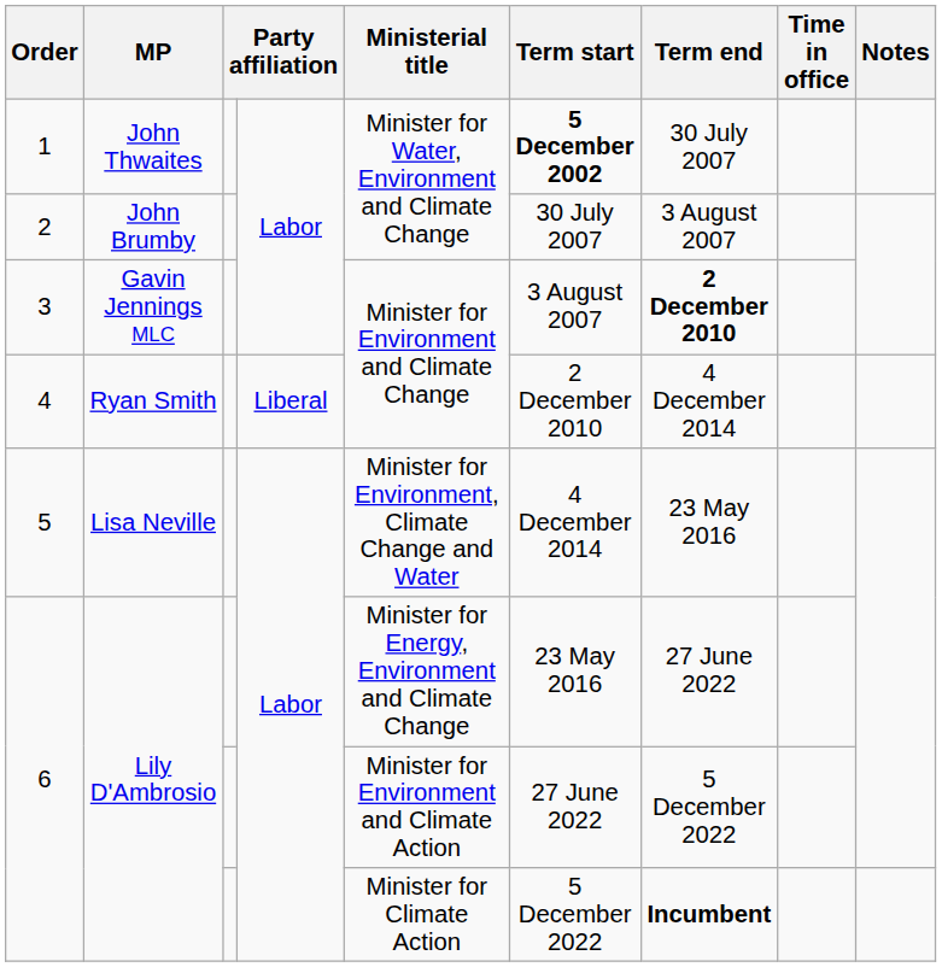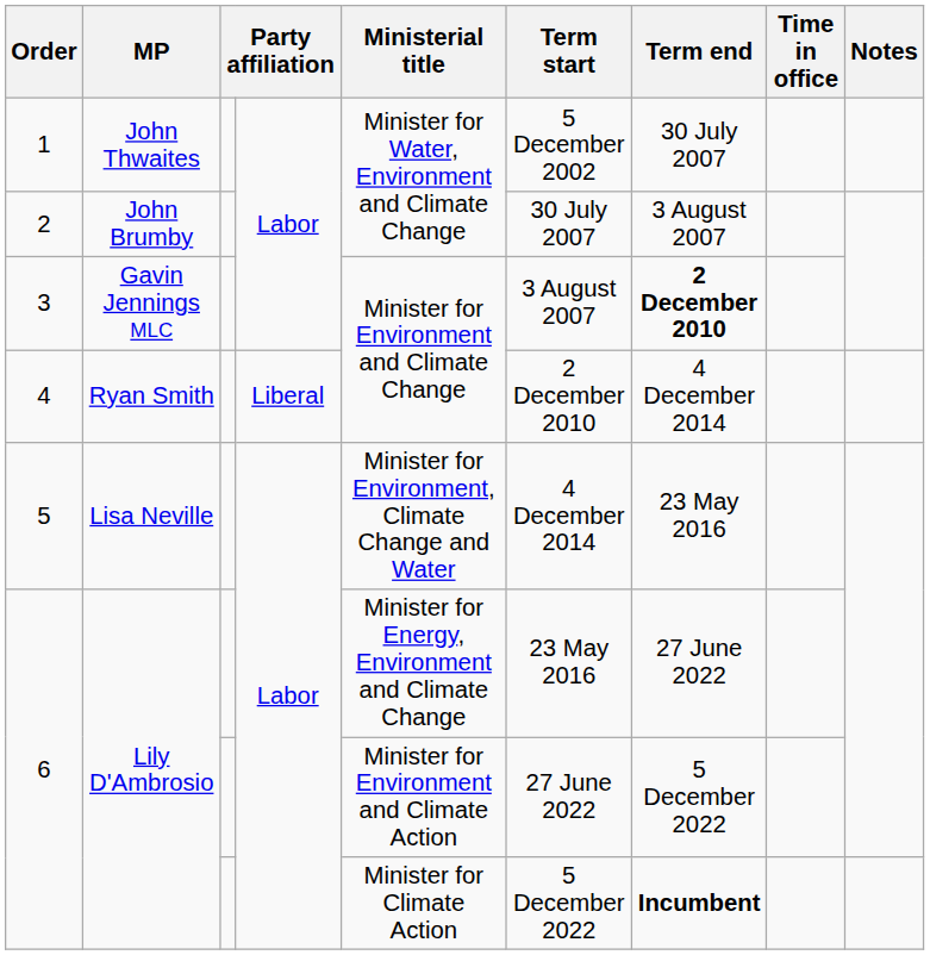 <table class="wikitable" style="text-align:center">
 <tr>
 <th>Order</th>
 <th>MP</th>
 <th colspan="2">Party affiliation</th>
 <th>Ministerial title</th>
 <th>Term start</th>
 <th>Term end</th>
 <th>Time in office</th>
 <th>Notes</th>
 </tr>
 <tr>
 <td>1</td>
 <td><a href='#'>John Thwaites</a> </td>
 <td></td>
 <td rowspan="3"><a href='#'>Labor</a></td>
 <td rowspan="2">Minister for <a href='#'>Water</a>, <a href='#'>Environment</a> and Climate Change</td>
-<td><strong>5 December 2002</strong></td>
+<td>5 December 2002</td>
 <td>30 July 2007</td>
 <td></td>
 <td></td>
 </tr>
 <tr>
 <td>2</td>
 <td><a href='#'>John Brumby</a> </td>
 <td></td>
 <td>30 July 2007</td>
 <td>3 August 2007</td>
 <td></td>
 <td rowspan="2"></td>
 </tr>
 <tr>
 <td>3</td>
 <td><a href='#'>Gavin Jennings</a> <a href='#'><small>MLC</small></a></td>
 <td></td>
 <td rowspan="2">Minister for <a href='#'>Environment</a> and Climate Change</td>
 <td>3 August 2007</td>
 <td><strong>2 December 2010</strong></td>
 <td></td>
 </tr>
 <tr>
 <td>4</td>
 <td><a href='#'>Ryan Smith</a> </td>
 <td></td>
 <td><a href='#'>Liberal</a></td>
 <td>2 December 2010</td>
 <td>4 December 2014</td>
 <td></td>
 <td></td>
 </tr>
 <tr>
 <td>5</td>
 <td><a href='#'>Lisa Neville</a> </td>
 <td></td>
 <td rowspan="4"><a href='#'>Labor</a></td>
 <td>Minister for <a href='#'>Environment</a>, Climate Change and <a href='#'>Water</a></td>
 <td>4 December 2014</td>
 <td>23 May 2016</td>
 <td></td>
 <td rowspan="3"></td>
 </tr>
 <tr>
 <td rowspan="3">6</td>
 <td rowspan="3"><a href='#'>Lily D'Ambrosio</a> </td>
 <td></td>
 <td>Minister for <a href='#'>Energy</a>, <a href='#'>Environment</a> and Climate Change</td>
 <td>23 May 2016</td>
 <td>27 June 2022</td>
 <td></td>
 </tr>
 <tr>
 <td></td>
 <td>Minister for <a href='#'>Environment</a> and Climate Action</td>
 <td>27 June 2022</td>
 <td>5 December 2022</td>
 <td></td>
 </tr>
 <tr>
 <td></td>
 <td>Minister for Climate Action</td>
 <td>5 December 2022</td>
 <td><strong>Incumbent</strong></td>
 <td></td>
 <td></td>
 </tr>
 </table>
